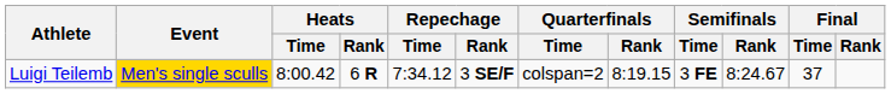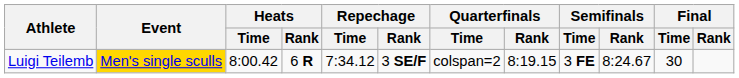 <table class="wikitable" style="font-size:90%">
 <tr>
 <th rowspan=2>Athlete</th>
 <th rowspan=2>Event</th>
 <th colspan="2">Heats</th>
 <th colspan="2">Repechage</th>
 <th colspan=2>Quarterfinals</th>
 <th colspan="2">Semifinals</th>
 <th colspan="2">Final</th>
 </tr>
 <tr style="font-size:95%">
 <th>Time</th>
 <th>Rank</th>
 <th>Time</th>
 <th>Rank</th>
 <th>Time</th>
 <th>Rank</th>
 <th>Time</th>
 <th>Rank</th>
 <th>Time</th>
 <th>Rank</th>
 </tr>
 <tr align=center>
 <td align=left><a href='#'>Luigi Teilemb</a></td>
 <td align=left style="background: gold;"><a href='#'>Men's single sculls</a></td>
 <td>8:00.42</td>
 <td>6 <strong>R</strong></td>
 <td>7:34.12</td>
 <td>3 <strong>SE/F</strong></td>
 <td>colspan=2 </td>
 <td>8:19.15</td>
 <td>3 <strong>FE</strong></td>
 <td>8:24.67</td>
-<td>37</td>
+<td>30</td>
 </tr>
 </table>
